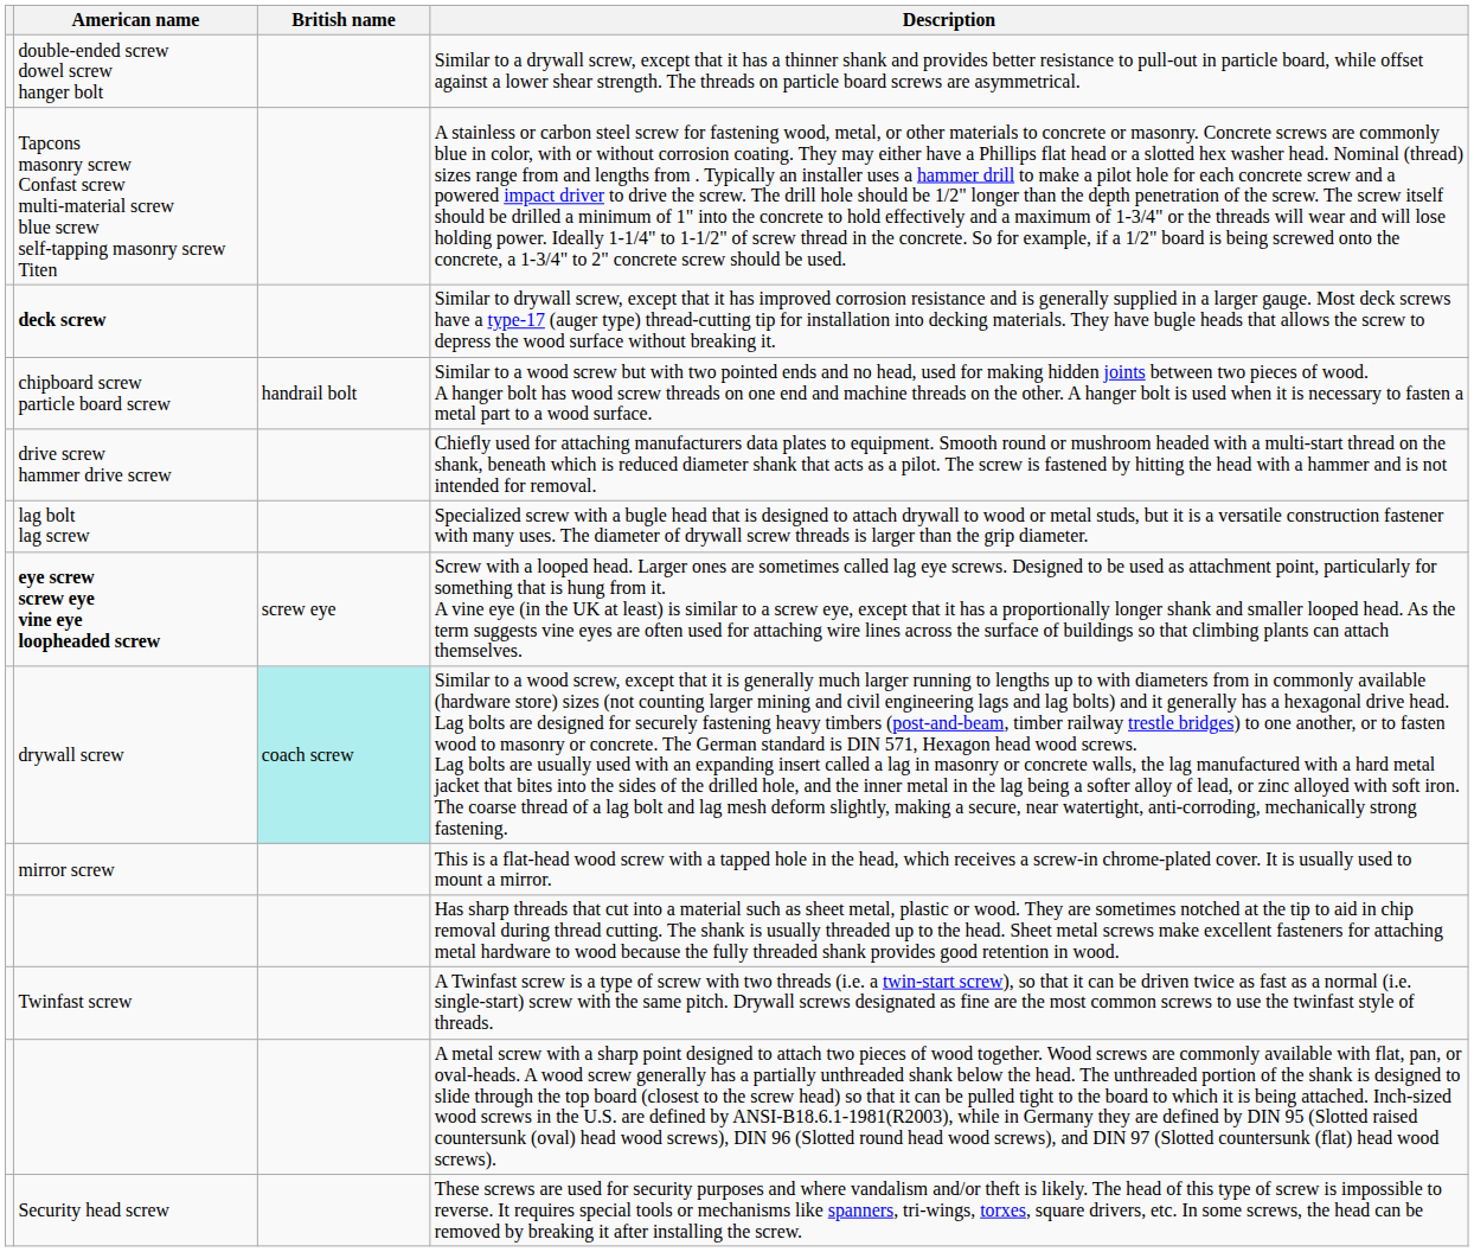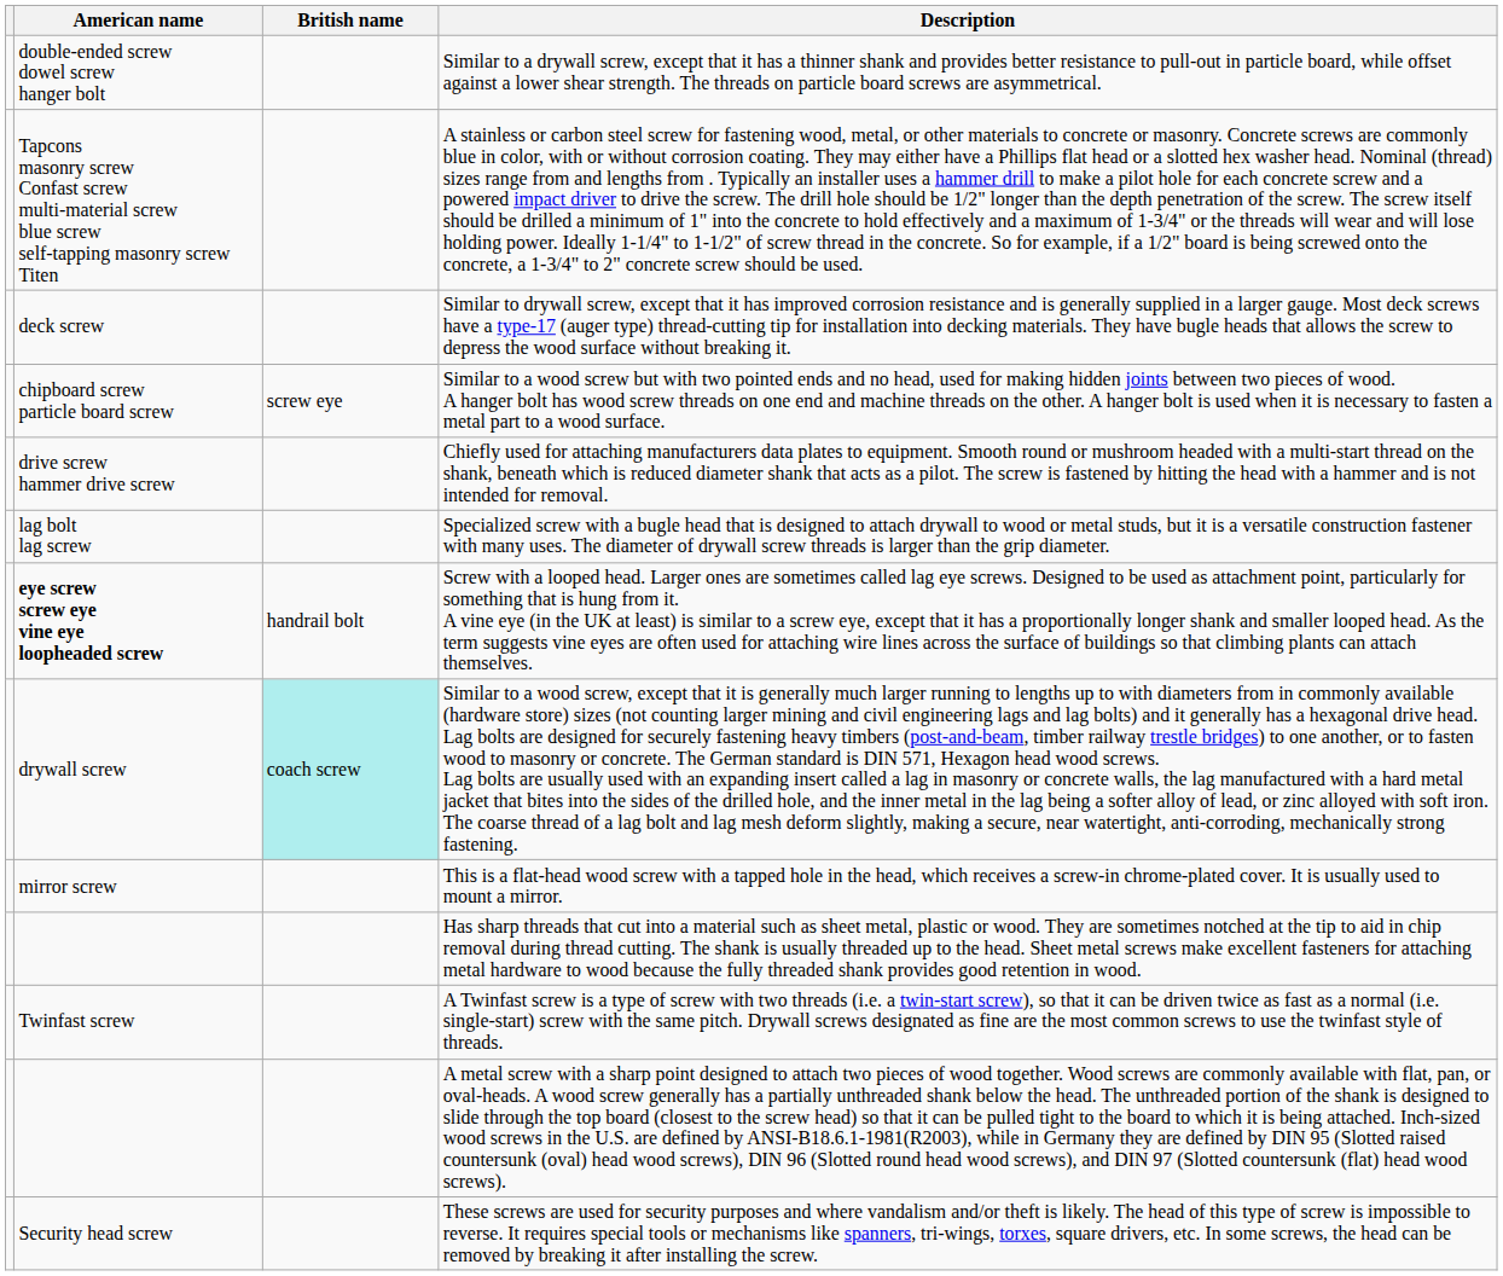 <table class="wikitable sortable">
 <tr>
 <th class="unsortable"></th>
 <th style="width: 200px">American name</th>
 <th style="width: 140px">British name</th>
 <th class="unsortable">Description</th>
 </tr>
 <tr>
 <td></td>
 <td>double-ended screw<br>dowel screw<br>hanger bolt</td>
 <td></td>
 <td>Similar to a drywall screw, except that it has a thinner shank and provides better resistance to pull-out in particle board, while offset against a lower shear strength. The threads on particle board screws are asymmetrical.</td>
 </tr>
 <tr>
 <td></td>
 <td><br>Tapcons<br>masonry screw<br>Confast screw<br>multi-material screw<br>blue screw<br>self-tapping masonry screw<br>Titen</td>
 <td></td>
 <td>A stainless or carbon steel screw for fastening wood, metal, or other materials to concrete or masonry. Concrete screws are commonly blue in color, with or without corrosion coating. They may either have a Phillips flat head or a slotted hex washer head. Nominal (thread) sizes range from  and lengths from . Typically an installer uses a <a href='#'>hammer drill</a> to make a pilot hole for each concrete screw and a powered <a href='#'>impact driver</a> to drive the screw. The drill hole should be 1/2" longer than the depth penetration of the screw. The screw itself should be drilled a minimum of 1" into the concrete to hold effectively and a maximum of 1-3/4" or the threads will wear and will lose holding power. Ideally 1-1/4" to 1-1/2" of screw thread in the concrete. So for example, if a 1/2" board is being screwed onto the concrete, a 1-3/4" to 2" concrete screw should be used.</td>
 </tr>
 <tr>
 <td></td>
-<td><strong>deck screw</strong></td>
+<td>deck screw</td>
 <td></td>
 <td>Similar to drywall screw, except that it has improved corrosion resistance and is generally supplied in a larger gauge. Most deck screws have a <a href='#'>type-17</a> (auger type) thread-cutting tip for installation into decking materials. They have bugle heads that allows the screw to depress the wood surface without breaking it.</td>
 </tr>
 <tr>
 <td></td>
 <td>chipboard screw<br>particle board screw</td>
-<td>handrail bolt</td>
+<td>screw eye</td>
 <td>Similar to a wood screw but with two pointed ends and no head, used for making hidden <a href='#'>joints</a> between two pieces of wood.<br>A hanger bolt has wood screw threads on one end and machine threads on the other. A hanger bolt is used when it is necessary to fasten a metal part to a wood surface.</td>
 </tr>
 <tr>
 <td></td>
 <td>drive screw<br>hammer drive screw</td>
 <td></td>
 <td>Chiefly used for attaching manufacturers data plates to equipment. Smooth round or mushroom headed with a multi-start thread on the shank, beneath which is reduced diameter shank that acts as a pilot. The screw is fastened by hitting the head with a hammer and is not intended for removal.</td>
 </tr>
 <tr>
 <td></td>
 <td>lag bolt<br>lag screw</td>
 <td></td>
 <td>Specialized screw with a bugle head that is designed to attach drywall to wood or metal studs, but it is a versatile construction fastener with many uses. The diameter of drywall screw threads is larger than the grip diameter.</td>
 </tr>
 <tr>
 <td></td>
 <td><strong>eye screw<br>screw eye<br>vine eye<br>loopheaded screw</strong></td>
-<td>screw eye</td>
+<td>handrail bolt</td>
 <td>Screw with a looped head. Larger ones are sometimes called lag eye screws. Designed to be used as attachment point, particularly for something that is hung from it.<br>A vine eye (in the UK at least) is similar to a screw eye, except that it has a proportionally longer shank and smaller looped head.  As the term suggests vine eyes are often used for attaching wire lines across the surface of buildings so that climbing plants can attach themselves.</td>
 </tr>
 <tr>
 <td></td>
 <td>drywall screw</td>
 <td style="background: paleturquoise;">coach screw</td>
 <td>Similar to a wood screw, except that it is generally much larger running to lengths up to  with diameters from  in commonly available (hardware store) sizes (not counting larger mining and civil engineering lags and lag bolts) and it generally has a hexagonal drive head. Lag bolts are designed for securely fastening heavy timbers (<a href='#'>post-and-beam</a>, timber railway <a href='#'>trestle bridges</a>) to one another, or to fasten wood to masonry or concrete. The German standard is DIN 571, Hexagon head wood screws.<br>Lag bolts are usually used with an expanding insert called a lag in masonry or concrete walls, the lag manufactured with a hard metal jacket that bites into the sides of the drilled hole, and the inner metal in the lag being a softer alloy of lead, or zinc alloyed with soft iron. The coarse thread of a lag bolt and lag mesh deform slightly, making a secure, near watertight, anti-corroding, mechanically strong fastening.</td>
 </tr>
 <tr>
 <td></td>
 <td>mirror screw</td>
 <td></td>
 <td>This is a flat-head wood screw with a tapped hole in the head, which receives a screw-in chrome-plated cover. It is usually used to mount a mirror.</td>
 </tr>
 <tr>
 <td></td>
 <td></td>
 <td></td>
 <td>Has sharp threads that cut into a material such as sheet metal, plastic or wood. They are sometimes notched at the tip to aid in chip removal during thread cutting. The shank is usually threaded up to the head. Sheet metal screws make excellent fasteners for attaching metal hardware to wood because the fully threaded shank provides good retention in wood.</td>
 </tr>
 <tr>
 <td></td>
 <td>Twinfast screw</td>
 <td></td>
 <td>A Twinfast screw is a type of screw with two threads (i.e. a <a href='#'>twin-start screw</a>), so that it can be driven twice as fast as a normal (i.e. single-start) screw with the same pitch. Drywall screws designated as fine are the most common screws to use the twinfast style of threads.</td>
 </tr>
 <tr>
 <td></td>
 <td></td>
 <td></td>
 <td>A metal screw with a sharp point designed to attach two pieces of wood together. Wood screws are commonly available with flat, pan, or oval-heads. A wood screw generally has a partially unthreaded shank below the head. The unthreaded portion of the shank is designed to slide through the top board (closest to the screw head) so that it can be pulled tight to the board to which it is being attached. Inch-sized wood screws in the U.S. are defined by ANSI-B18.6.1-1981(R2003), while in Germany they are defined by DIN 95 (Slotted raised countersunk (oval) head wood screws), DIN 96 (Slotted round head wood screws), and DIN 97 (Slotted countersunk (flat) head wood screws).</td>
 </tr>
 <tr>
 <td></td>
 <td>Security head screw</td>
 <td></td>
 <td>These screws are used for security purposes and where vandalism and/or theft is likely. The head of this type of screw is impossible to reverse. It requires special tools or mechanisms like <a href='#'>spanners</a>, tri-wings, <a href='#'>torxes</a>, square drivers, etc. In some screws, the head can be removed by breaking it after installing the screw.</td>
 </tr>
 </table>
